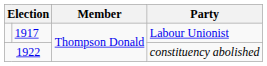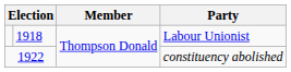 <table class="wikitable">
 <tr>
 <th colspan="2">Election</th>
 <th>Member</th>
 <th>Party</th>
 </tr>
 <tr>
 <td style="color:inherit;background-color: "></td>
-<td><a href='#'>1917</a></td>
+<td><a href='#'>1918</a></td>
 <td rowspan="3"><a href='#'>Thompson Donald</a></td>
 <td><a href='#'>Labour Unionist</a></td>
 </tr>
 <tr>
 <td colspan="2" align="center"><a href='#'>1922</a></td>
 <td colspan="2"><em>constituency abolished</em></td>
 </tr>
 </table>
